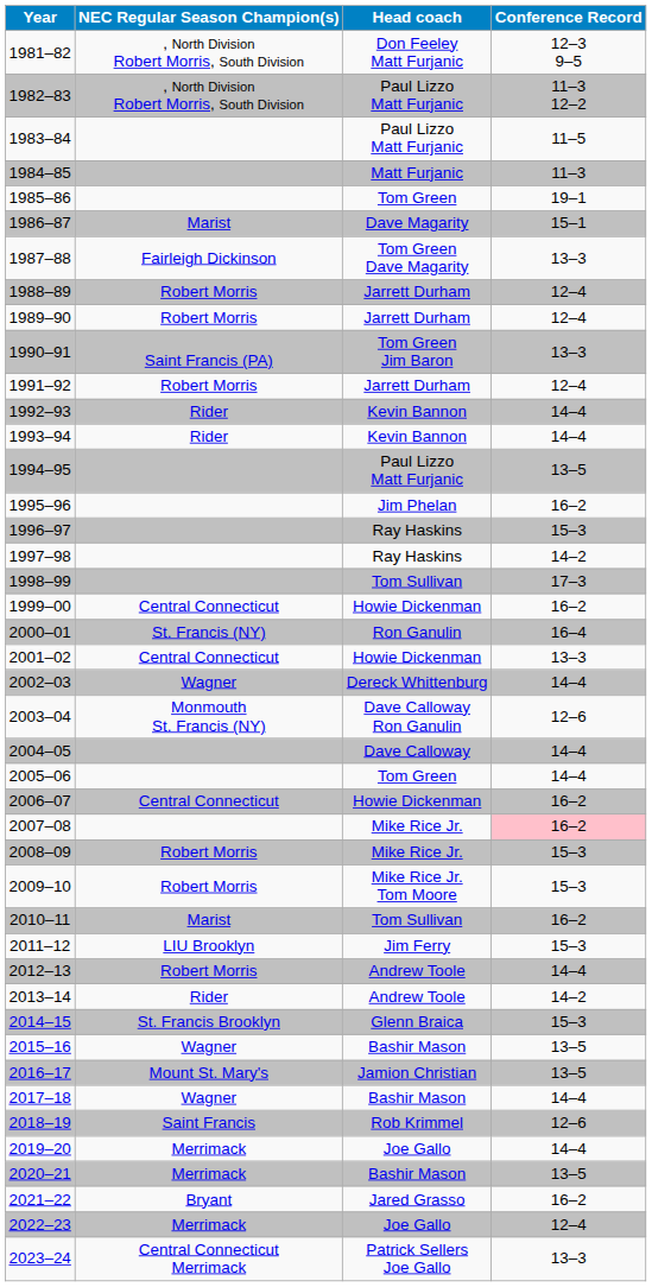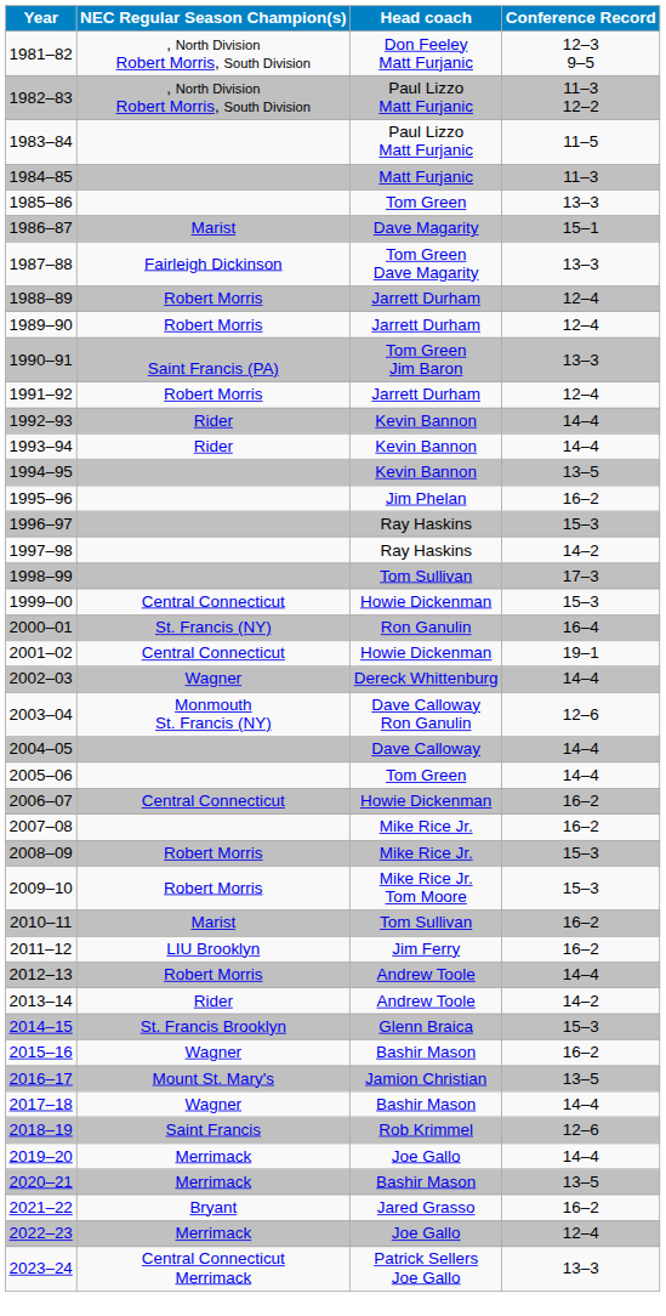 <table class="wikitable" style="border: 2px solid dark blue;">
 <tr>
 <th align="center" style="background:#0081C4; color:#FFFFFF;">Year</th>
 <th align="center" style="background:#0081C4; color:#FFFFFF;">NEC Regular Season Champion(s)</th>
 <th align="center" style="background:#0081C4; color:#FFFFFF;">Head coach</th>
 <th align="center" style="background:#0081C4; color:#FFFFFF;">Conference Record</th>
 </tr>
 <tr align=center>
 <td>1981–82</td>
 <td>, <small>North Division</small><br><a href='#'>Robert Morris</a>, <small>South Division</small></td>
 <td><a href='#'>Don Feeley</a><br> <a href='#'>Matt Furjanic</a></td>
 <td>12–3<br>9–5</td>
 </tr>
 <tr align=center>
 <td style=background:silver>1982–83</td>
 <td style=background:silver>, <small>North Division</small><br><a href='#'>Robert Morris</a>, <small>South Division</small></td>
 <td style=background:silver>Paul Lizzo<br> <a href='#'>Matt Furjanic</a></td>
 <td style=background:silver>11–3<br>12–2</td>
 </tr>
 <tr align=center>
 <td>1983–84</td>
 <td><br></td>
 <td>Paul Lizzo<br> <a href='#'>Matt Furjanic</a></td>
 <td>11–5</td>
 </tr>
 <tr align=center>
 <td style=background:silver>1984–85</td>
 <td style=background:silver></td>
 <td style=background:silver><a href='#'>Matt Furjanic</a></td>
 <td style=background:silver>11–3</td>
 </tr>
 <tr align=center>
 <td>1985–86</td>
 <td></td>
 <td><a href='#'>Tom Green</a></td>
-<td>19–1</td>
+<td>13–3</td>
 </tr>
 <tr align=center>
 <td style=background:silver>1986–87</td>
 <td style=background:silver><a href='#'>Marist</a></td>
 <td style=background:silver><a href='#'>Dave Magarity</a></td>
 <td style=background:silver>15–1</td>
 </tr>
 <tr align=center>
 <td>1987–88</td>
 <td><a href='#'>Fairleigh Dickinson</a><br></td>
 <td><a href='#'>Tom Green</a><br><a href='#'>Dave Magarity</a></td>
 <td>13–3</td>
 </tr>
 <tr align=center>
 <td style=background:silver>1988–89</td>
 <td style=background:silver><a href='#'>Robert Morris</a></td>
 <td style=background:silver><a href='#'>Jarrett Durham</a></td>
 <td style=background:silver>12–4</td>
 </tr>
 <tr align=center>
 <td>1989–90</td>
 <td><a href='#'>Robert Morris</a></td>
 <td><a href='#'>Jarrett Durham</a></td>
 <td>12–4</td>
 </tr>
 <tr align=center>
 <td style=background:silver>1990–91</td>
 <td style=background:silver><br><a href='#'>Saint Francis (PA)</a></td>
 <td style=background:silver><a href='#'>Tom Green</a> <br><a href='#'>Jim Baron</a></td>
 <td style=background:silver>13–3</td>
 </tr>
 <tr align=center>
 <td>1991–92</td>
 <td><a href='#'>Robert Morris</a></td>
 <td><a href='#'>Jarrett Durham</a></td>
 <td>12–4</td>
 </tr>
 <tr align=center>
 <td style=background:silver>1992–93</td>
 <td style=background:silver><a href='#'>Rider</a></td>
 <td style=background:silver><a href='#'>Kevin Bannon</a></td>
 <td style=background:silver>14–4</td>
 </tr>
 <tr align=center>
 <td>1993–94</td>
 <td><a href='#'>Rider</a></td>
 <td><a href='#'>Kevin Bannon</a></td>
 <td>14–4</td>
 </tr>
 <tr align=center>
 <td style=background:silver>1994–95</td>
 <td style=background:silver></td>
-<td style=background:silver>Paul Lizzo<br> <a href='#'>Matt Furjanic</a></td>
+<td style=background:silver><a href='#'>Kevin Bannon </a></td>
 <td style=background:silver>13–5</td>
 </tr>
 <tr align=center>
 <td>1995–96</td>
 <td></td>
 <td><a href='#'>Jim Phelan</a></td>
 <td>16–2</td>
 </tr>
 <tr align=center>
 <td style=background:silver>1996–97</td>
 <td style=background:silver></td>
 <td style=background:silver>Ray Haskins</td>
 <td style=background:silver>15–3</td>
 </tr>
 <tr align=center>
 <td>1997–98</td>
 <td></td>
 <td>Ray Haskins</td>
 <td>14–2</td>
 </tr>
 <tr align=center>
 <td style=background:silver>1998–99</td>
 <td style=background:silver></td>
 <td style=background:silver><a href='#'>Tom Sullivan</a></td>
 <td style=background:silver>17–3</td>
 </tr>
 <tr align=center>
 <td>1999–00</td>
 <td><a href='#'>Central Connecticut</a></td>
 <td><a href='#'>Howie Dickenman</a></td>
-<td>16–2</td>
+<td>15–3</td>
 </tr>
 <tr align=center>
 <td style=background:silver>2000–01</td>
 <td style=background:silver><a href='#'>St. Francis (NY)</a></td>
 <td style=background:silver><a href='#'>Ron Ganulin</a></td>
 <td style=background:silver>16–4</td>
 </tr>
 <tr align=center>
 <td>2001–02</td>
 <td><a href='#'>Central Connecticut</a></td>
 <td><a href='#'>Howie Dickenman</a></td>
-<td>13–3</td>
+<td>19–1</td>
 </tr>
 <tr align=center>
 <td style=background:silver>2002–03</td>
 <td style=background:silver><a href='#'>Wagner</a></td>
 <td style=background:silver><a href='#'>Dereck Whittenburg</a></td>
 <td style=background:silver>14–4</td>
 </tr>
 <tr align=center>
 <td>2003–04</td>
 <td><a href='#'>Monmouth</a><br><a href='#'>St. Francis (NY)</a></td>
 <td><a href='#'>Dave Calloway</a><br><a href='#'>Ron Ganulin</a></td>
 <td>12–6</td>
 </tr>
 <tr align=center>
 <td style=background:silver>2004–05</td>
 <td style=background:silver></td>
 <td style=background:silver><a href='#'>Dave Calloway</a></td>
 <td style=background:silver>14–4</td>
 </tr>
 <tr align=center>
 <td>2005–06</td>
 <td></td>
 <td><a href='#'>Tom Green</a></td>
 <td>14–4</td>
 </tr>
 <tr align=center>
 <td style=background:silver>2006–07</td>
 <td style=background:silver><a href='#'>Central Connecticut</a></td>
 <td style=background:silver><a href='#'>Howie Dickenman</a></td>
 <td style=background:silver>16–2</td>
 </tr>
 <tr align=center>
 <td>2007–08</td>
 <td></td>
 <td><a href='#'>Mike Rice Jr.</a></td>
-<td style="background: pink;">16–2</td>
+<td>16–2</td>
 </tr>
 <tr align=center>
 <td style=background:silver>2008–09</td>
 <td style=background:silver><a href='#'>Robert Morris</a></td>
 <td style=background:silver><a href='#'>Mike Rice Jr.</a></td>
 <td style=background:silver>15–3</td>
 </tr>
 <tr align=center>
 <td>2009–10</td>
 <td><a href='#'>Robert Morris</a><br></td>
 <td><a href='#'>Mike Rice Jr.</a><br><a href='#'>Tom Moore</a></td>
 <td>15–3</td>
 </tr>
 <tr align=center>
 <td style=background:silver>2010–11</td>
 <td style=background:silver><a href='#'>Marist</a></td>
 <td style=background:silver><a href='#'>Tom Sullivan</a></td>
 <td style=background:silver>16–2</td>
 </tr>
 <tr align=center>
 <td>2011–12</td>
 <td><a href='#'>LIU Brooklyn</a></td>
 <td><a href='#'>Jim Ferry</a></td>
-<td>15–3</td>
+<td>16–2</td>
 </tr>
 <tr align=center>
 <td style=background:silver>2012–13</td>
 <td style=background:silver><a href='#'>Robert Morris</a></td>
 <td style=background:silver><a href='#'>Andrew Toole</a></td>
 <td style=background:silver>14–4</td>
 </tr>
 <tr align=center>
 <td>2013–14</td>
 <td><a href='#'>Rider</a></td>
 <td><a href='#'>Andrew Toole</a></td>
 <td>14–2</td>
 </tr>
 <tr align=center>
 <td style=background:silver><a href='#'>2014–15</a></td>
 <td style=background:silver><a href='#'>St. Francis Brooklyn</a></td>
 <td style=background:silver><a href='#'>Glenn Braica</a></td>
 <td style=background:silver>15–3</td>
 </tr>
 <tr align=center>
 <td><a href='#'>2015–16</a></td>
 <td><a href='#'>Wagner</a></td>
 <td><a href='#'>Bashir Mason</a></td>
-<td>13–5</td>
+<td>16–2</td>
 </tr>
 <tr align=center>
 <td style=background:silver><a href='#'>2016–17</a></td>
 <td style=background:silver><a href='#'>Mount St. Mary's</a></td>
 <td style=background:silver><a href='#'>Jamion Christian</a></td>
 <td style=background:silver>13–5</td>
 </tr>
 <tr align=center>
 <td><a href='#'>2017–18</a></td>
 <td><a href='#'>Wagner</a></td>
 <td><a href='#'>Bashir Mason</a></td>
 <td>14–4</td>
 </tr>
 <tr align=center>
 <td style=background:silver><a href='#'>2018–19</a></td>
 <td style=background:silver><a href='#'>Saint Francis</a></td>
 <td style=background:silver><a href='#'>Rob Krimmel</a></td>
 <td style=background:silver>12–6</td>
 </tr>
 <tr align=center>
 <td><a href='#'>2019–20</a></td>
 <td><a href='#'>Merrimack</a></td>
 <td><a href='#'>Joe Gallo</a></td>
 <td>14–4</td>
 </tr>
 <tr align=center>
 <td style=background:silver><a href='#'>2020–21</a></td>
 <td style=background:silver><a href='#'>Merrimack</a></td>
 <td style=background:silver><a href='#'>Bashir Mason</a></td>
 <td style=background:silver>13–5</td>
 </tr>
 <tr align=center>
 <td><a href='#'>2021–22</a></td>
 <td><a href='#'>Bryant</a></td>
 <td><a href='#'>Jared Grasso</a></td>
 <td>16–2</td>
 </tr>
 <tr align=center>
 <td style=background:silver><a href='#'>2022–23</a></td>
 <td style=background:silver><a href='#'>Merrimack</a></td>
 <td style=background:silver><a href='#'>Joe Gallo</a></td>
 <td style=background:silver>12–4</td>
 </tr>
 <tr align=center>
 <td><a href='#'>2023–24</a></td>
 <td><a href='#'>Central Connecticut</a><br><a href='#'>Merrimack</a></td>
 <td><a href='#'>Patrick Sellers</a><br><a href='#'>Joe Gallo</a></td>
 <td>13–3</td>
 </tr>
 </table>
